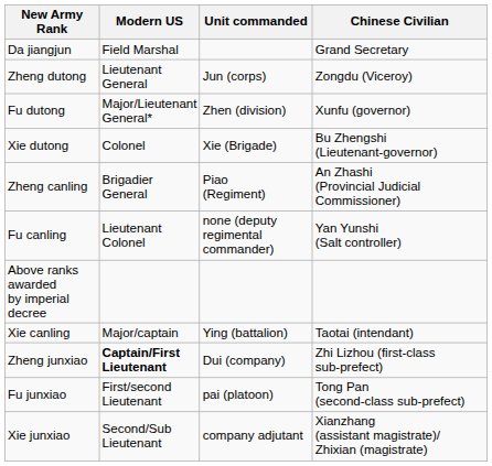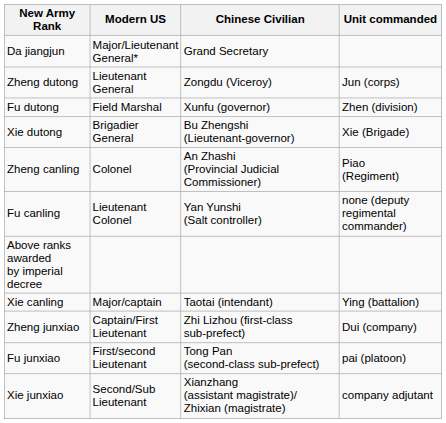 <table class="wikitable">
 <tr>
 <th>New Army Rank</th>
 <th>Modern US</th>
+<th>Chinese Civilian</th>
 <th>Unit commanded</th>
-<th>Chinese Civilian</th>
 </tr>
 <tr>
 <td>Da jiangjun</td>
-<td>Field Marshal</td>
+<td>Major/Lieutenant<br>General*</td>
+<td>Grand Secretary</td>
 <td></td>
-<td>Grand Secretary</td>
 </tr>
 <tr>
 <td>Zheng dutong</td>
 <td>Lieutenant<br>General</td>
+<td>Zongdu (Viceroy)</td>
 <td>Jun (corps)</td>
-<td>Zongdu (Viceroy)</td>
 </tr>
 <tr>
 <td>Fu dutong</td>
-<td>Major/Lieutenant<br>General*</td>
+<td>Field Marshal</td>
+<td>Xunfu (governor)</td>
 <td>Zhen (division)</td>
-<td>Xunfu (governor)</td>
 </tr>
 <tr>
 <td>Xie dutong</td>
-<td>Colonel</td>
+<td>Brigadier<br>General</td>
+<td>Bu Zhengshi<br>(Lieutenant-governor)</td>
 <td>Xie (Brigade)</td>
-<td>Bu Zhengshi<br>(Lieutenant-governor)</td>
 </tr>
 <tr>
 <td>Zheng canling</td>
-<td>Brigadier<br>General</td>
+<td>Colonel</td>
+<td>An Zhashi<br>(Provincial Judicial  Commissioner)</td>
 <td>Piao<br>(Regiment)</td>
-<td>An Zhashi<br>(Provincial Judicial  Commissioner)</td>
 </tr>
 <tr>
 <td>Fu canling</td>
 <td>Lieutenant<br>Colonel</td>
+<td>Yan Yunshi<br>(Salt controller)</td>
 <td>none (deputy<br>regimental commander)</td>
-<td>Yan Yunshi<br>(Salt controller)</td>
 </tr>
 <tr>
 <td>Above ranks awarded<br>by imperial decree</td>
 <td></td>
 <td></td>
 <td></td>
 </tr>
 <tr>
 <td>Xie canling</td>
 <td>Major/captain</td>
+<td>Taotai (intendant)</td>
 <td>Ying (battalion)</td>
-<td>Taotai (intendant)</td>
 </tr>
 <tr>
 <td>Zheng junxiao</td>
-<td><strong>Captain/First<br>Lieutenant</strong></td>
+<td>Captain/First<br>Lieutenant</td>
+<td>Zhi Lizhou (first-class<br>sub-prefect)</td>
 <td>Dui (company)</td>
-<td>Zhi Lizhou (first-class<br>sub-prefect)</td>
 </tr>
 <tr>
 <td>Fu junxiao</td>
 <td>First/second<br>Lieutenant</td>
+<td>Tong Pan<br>(second-class  sub-prefect)</td>
 <td>pai (platoon)</td>
-<td>Tong Pan<br>(second-class  sub-prefect)</td>
 </tr>
 <tr>
 <td>Xie junxiao</td>
 <td>Second/Sub<br>Lieutenant</td>
+<td>Xianzhang<br>(assistant magistrate)/ Zhixian (magistrate)</td>
 <td>company adjutant</td>
-<td>Xianzhang<br>(assistant magistrate)/ Zhixian (magistrate)</td>
 </tr>
 </table>
